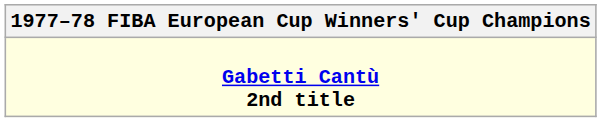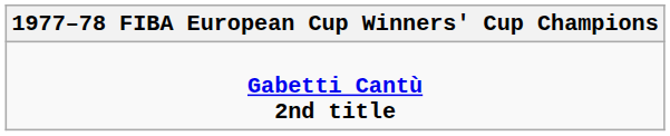 <table class=wikitable style="text-align:center; margin:auto">
 <tr>
 <th>1977–78 FIBA European Cup Winners' Cup Champions</th>
 </tr>
 <tr>
-<td style="background: lightyellow;"><br> <strong><a href='#'>Gabetti Cantù</a></strong> <br> <strong>2nd title</strong></td>
+<td><br> <strong><a href='#'>Gabetti Cantù</a></strong> <br> <strong>2nd title</strong></td>
 </tr>
 </table>
